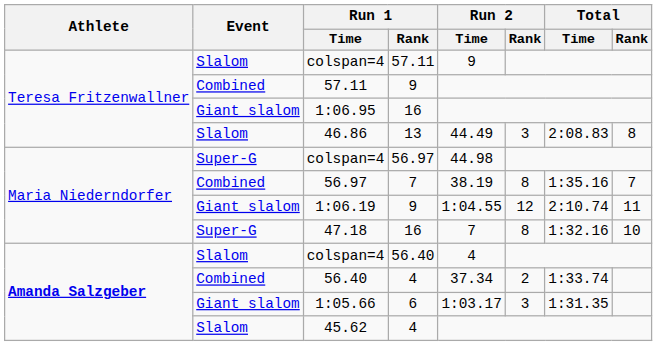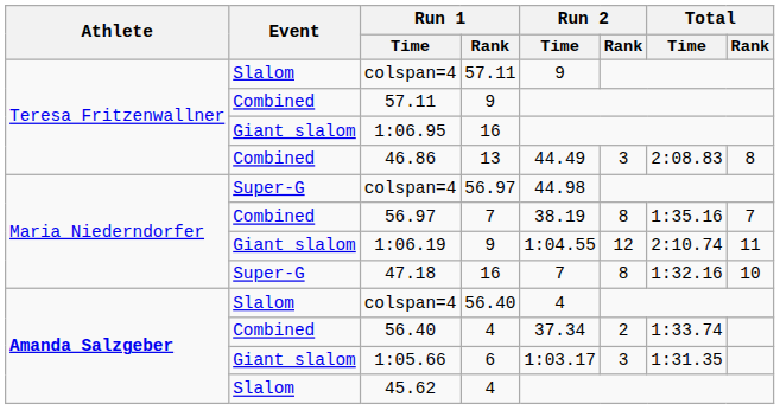 <table class="wikitable" style="font-size:90%">
 <tr>
 <th rowspan=2>Athlete</th>
 <th rowspan=2>Event</th>
 <th colspan=2>Run 1</th>
 <th colspan=2>Run 2</th>
 <th colspan=2>Total</th>
 </tr>
 <tr style="font-size:95%">
 <th>Time</th>
 <th>Rank</th>
 <th>Time</th>
 <th>Rank</th>
 <th>Time</th>
 <th>Rank</th>
 </tr>
 <tr align=center>
 <td align="left" rowspan="4"><a href='#'>Teresa Fritzenwallner</a></td>
 <td align="left"><a href='#'>Slalom</a></td>
 <td>colspan=4</td>
 <td>57.11</td>
 <td>9</td>
 </tr>
 <tr align=center>
 <td align="left"><a href='#'>Combined</a></td>
 <td>57.11</td>
 <td>9</td>
 <td colspan=4></td>
 </tr>
 <tr align=center>
 <td align="left"><a href='#'>Giant slalom</a></td>
 <td>1:06.95</td>
 <td>16</td>
 <td colspan=4></td>
 </tr>
 <tr align=center>
-<td align="left"><a href='#'>Slalom</a></td>
+<td align="left"><a href='#'>Combined</a></td>
 <td>46.86</td>
 <td>13</td>
 <td>44.49</td>
 <td>3</td>
 <td>2:08.83</td>
 <td>8</td>
 </tr>
 <tr align=center>
 <td align="left" rowspan="4"><a href='#'>Maria Niederndorfer</a></td>
 <td align="left"><a href='#'>Super-G</a></td>
 <td>colspan=4</td>
 <td>56.97</td>
 <td>44.98</td>
 </tr>
 <tr align=center>
 <td align="left"><a href='#'>Combined</a></td>
 <td>56.97</td>
 <td>7</td>
 <td>38.19</td>
 <td>8</td>
 <td>1:35.16</td>
 <td>7</td>
 </tr>
 <tr align=center>
 <td align="left"><a href='#'>Giant slalom</a></td>
 <td>1:06.19</td>
 <td>9</td>
 <td>1:04.55</td>
 <td>12</td>
 <td>2:10.74</td>
 <td>11</td>
 </tr>
 <tr align=center>
 <td align="left"><a href='#'>Super-G</a></td>
 <td>47.18</td>
 <td>16</td>
 <td>7</td>
 <td>8</td>
 <td>1:32.16</td>
 <td>10</td>
 </tr>
 <tr align=center>
 <td align="left" rowspan="4"><strong><a href='#'>Amanda Salzgeber</a></strong></td>
 <td align="left"><a href='#'>Slalom</a></td>
 <td>colspan=4</td>
 <td>56.40</td>
 <td>4</td>
 </tr>
 <tr align=center>
 <td align="left"><a href='#'>Combined</a></td>
 <td>56.40</td>
 <td>4</td>
 <td>37.34</td>
 <td>2</td>
 <td>1:33.74</td>
 <td><strong></strong></td>
 </tr>
 <tr align=center>
 <td align="left"><a href='#'>Giant slalom</a></td>
 <td>1:05.66</td>
 <td>6</td>
 <td>1:03.17</td>
 <td>3</td>
 <td>1:31.35</td>
 <td><strong></strong></td>
 </tr>
 <tr align=center>
 <td align="left"><a href='#'>Slalom</a></td>
 <td>45.62</td>
 <td>4</td>
 <td colspan=4></td>
 </tr>
 </table>
